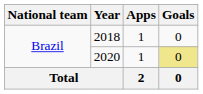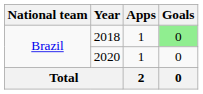 <table class="wikitable" style="text-align:center">
 <tr>
 <th>National team</th>
 <th>Year</th>
 <th>Apps</th>
 <th>Goals</th>
 </tr>
 <tr>
 <td rowspan="2"><a href='#'>Brazil</a></td>
 <td>2018</td>
 <td>1</td>
-<td>0</td>
+<td style="background: lightgreen;">0</td>
 </tr>
 <tr>
 <td>2020</td>
 <td>1</td>
-<td style="background: khaki;">0</td>
+<td>0</td>
 </tr>
 <tr>
 <th colspan=2>Total</th>
 <th>2</th>
 <th>0</th>
 </tr>
 </table>
